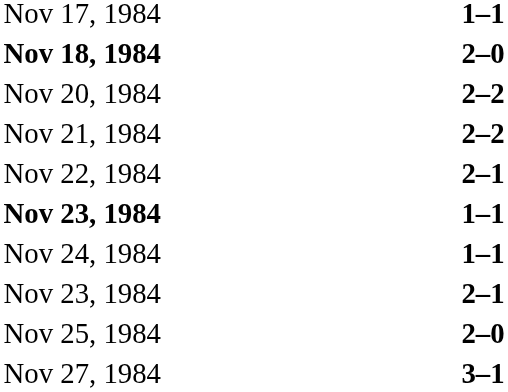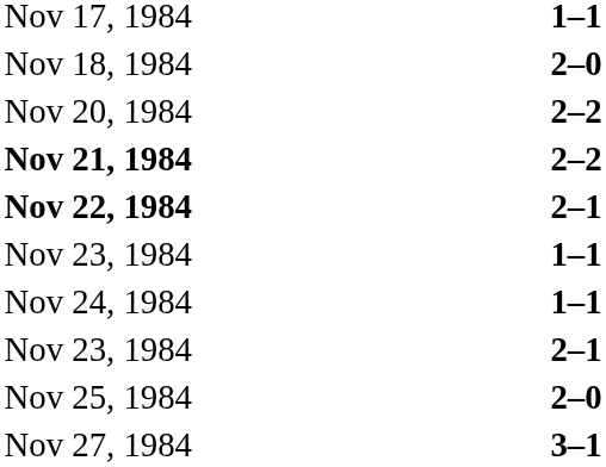 <table width=100% cellspacing=1 style=font-size:90%>
 <tr>
 <th width=120></th>
 <th width=120></th>
 <th width=70></th>
 <th width=120></th>
 <th></th>
 </tr>
 <tr>
 <td align=right>Nov 17, 1984</td>
 <td align=right><strong></strong></td>
 <td align=center><strong>1–1</strong></td>
 <td><strong></strong></td>
 </tr>
 <tr>
-<td align=right><strong>Nov 18, 1984</strong></td>
+<td align=right>Nov 18, 1984</td>
 <td align=right><strong></strong></td>
 <td align=center><strong>2–0</strong></td>
 <td><strong></strong></td>
 </tr>
 <tr>
 <td align=right>Nov 20, 1984</td>
 <td align=right><strong></strong></td>
 <td align=center><strong>2–2</strong></td>
 <td><strong></strong></td>
 </tr>
 <tr>
-<td align=right>Nov 21, 1984</td>
+<td align=right><strong>Nov 21, 1984</strong></td>
 <td align=right><strong></strong></td>
 <td align=center><strong>2–2</strong></td>
 <td><strong></strong></td>
 </tr>
 <tr>
-<td align=right>Nov 22, 1984</td>
+<td align=right><strong>Nov 22, 1984</strong></td>
 <td align=right><strong></strong></td>
 <td align=center><strong>2–1</strong></td>
 <td><strong></strong></td>
 </tr>
 <tr>
-<td align=right><strong>Nov 23, 1984</strong></td>
+<td align=right>Nov 23, 1984</td>
 <td align=right><strong></strong></td>
 <td align=center><strong>1–1</strong></td>
 <td><strong></strong></td>
 </tr>
 <tr>
 <td align=right>Nov 24, 1984</td>
 <td align=right><strong></strong></td>
 <td align=center><strong>1–1</strong></td>
 <td><strong></strong></td>
 </tr>
 <tr>
 <td align=right>Nov 23, 1984</td>
 <td align=right><strong></strong></td>
 <td align=center><strong>2–1</strong></td>
 <td><strong></strong></td>
 </tr>
 <tr>
 <td align=right>Nov 25, 1984</td>
 <td align=right><strong></strong></td>
 <td align=center><strong>2–0</strong></td>
 <td><strong></strong></td>
 </tr>
 <tr>
 <td align=right>Nov 27, 1984</td>
 <td align=right><strong></strong></td>
 <td align=center><strong>3–1</strong></td>
 <td><strong></strong></td>
 </tr>
 </table>
